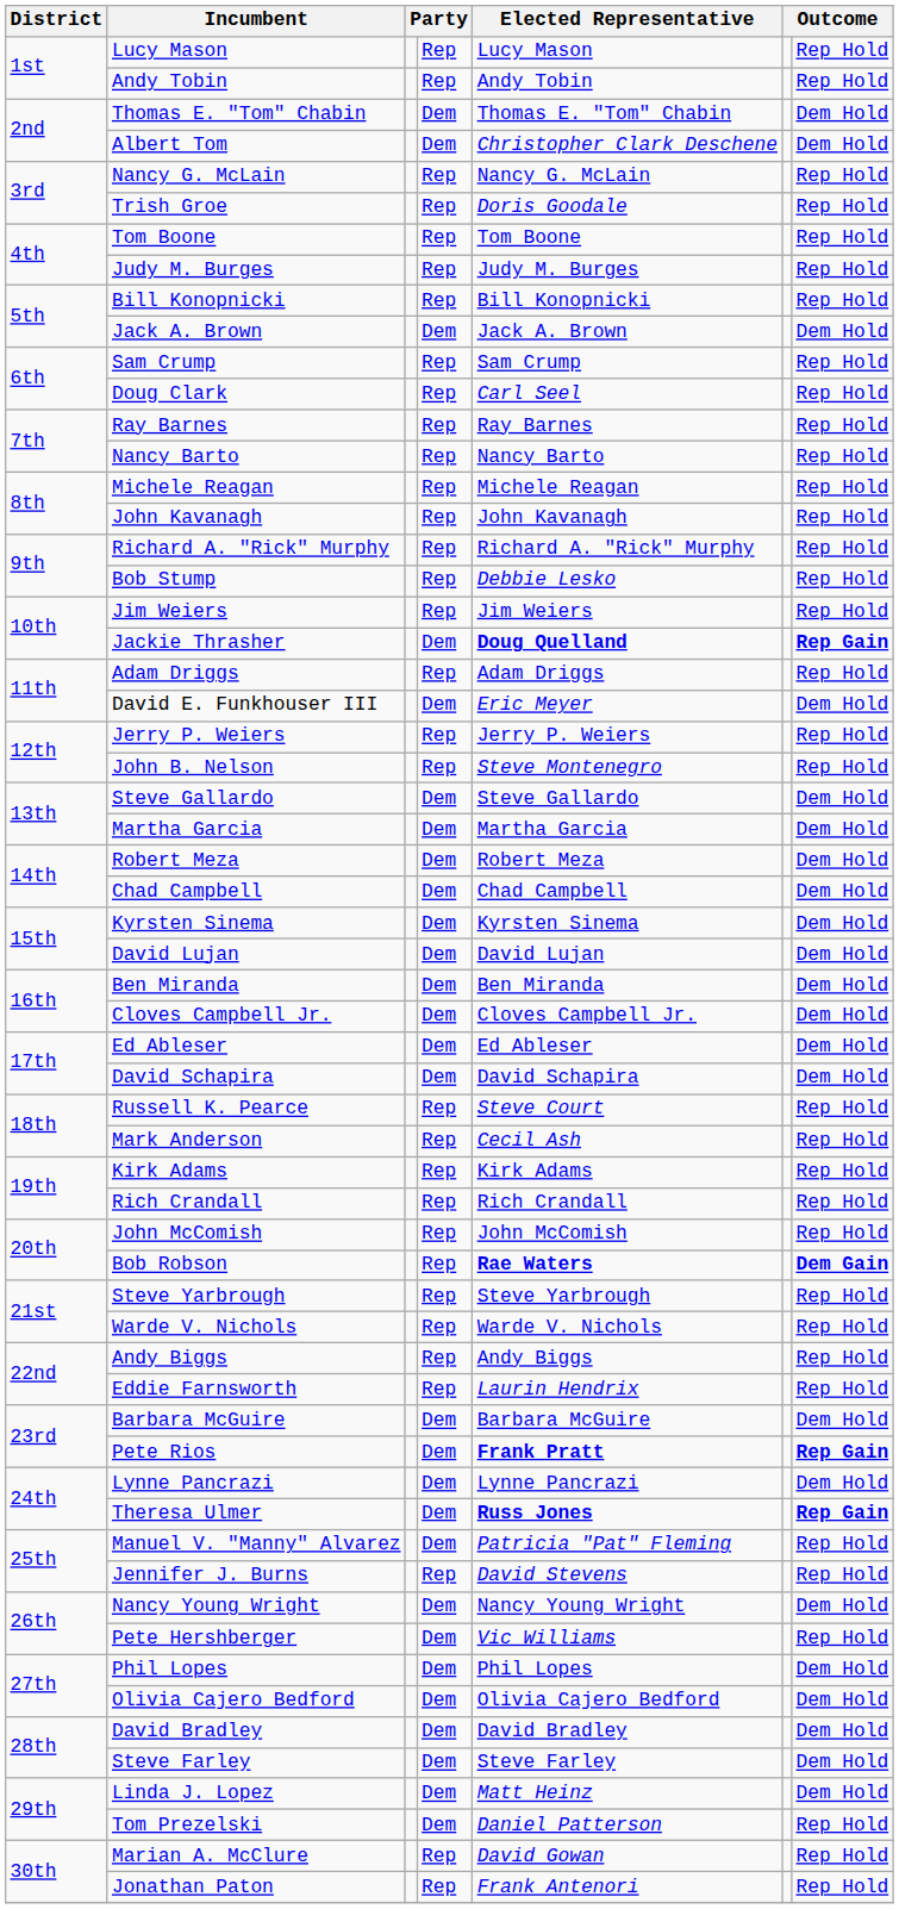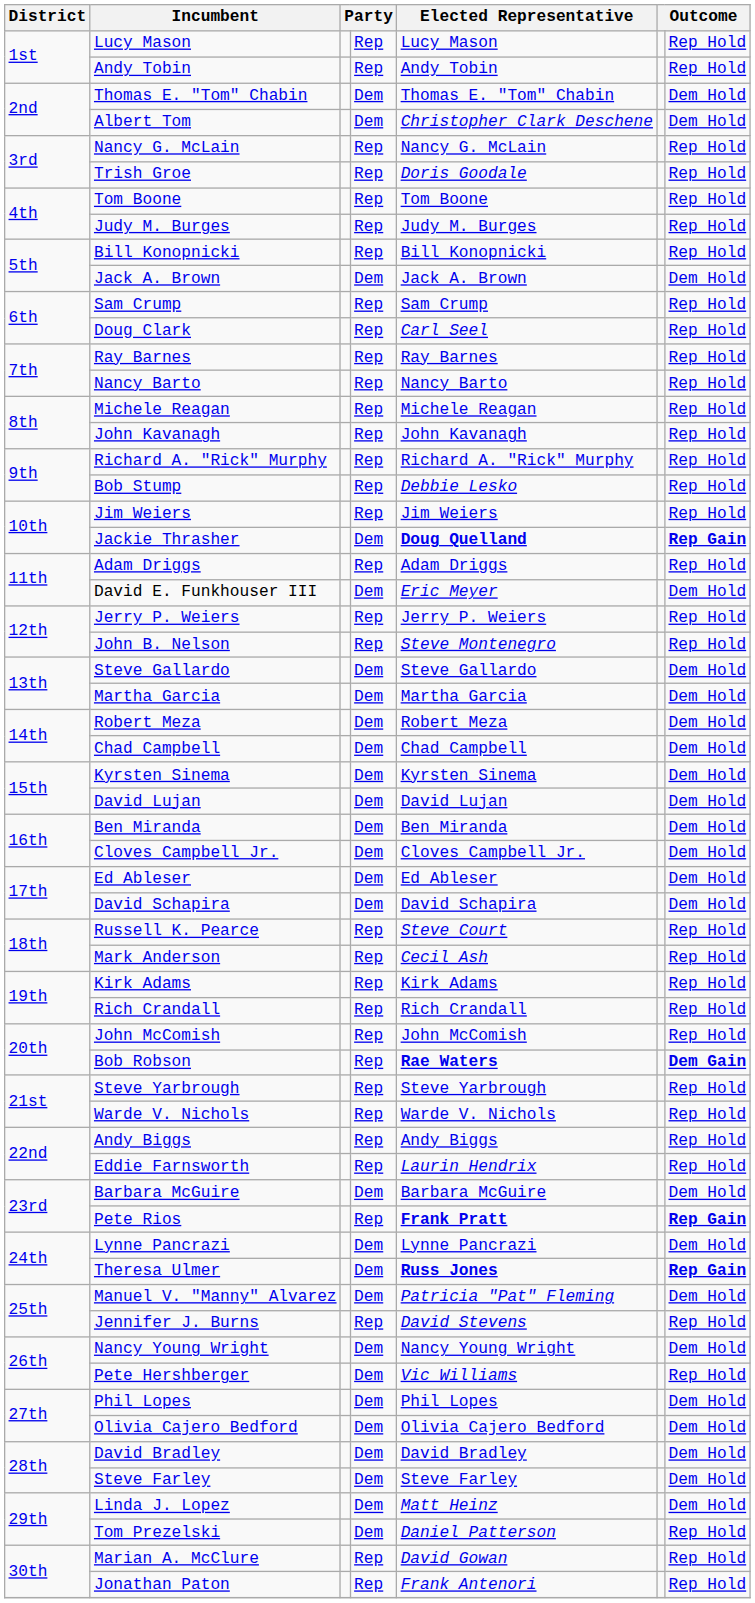 <table class="sortable wikitable" style="font-size:95%;line-height:14px;">
 <tr>
 <th>District</th>
 <th>Incumbent</th>
 <th colspan="2">Party</th>
 <th>Elected Representative</th>
 <th colspan="2">Outcome</th>
 </tr>
 <tr>
 <td rowspan="2"><a href='#'>1st</a></td>
 <td><a href='#'>Lucy Mason</a></td>
 <td style="background:"></td>
 <td><a href='#'>Rep</a></td>
 <td><a href='#'>Lucy Mason</a></td>
 <td style="background:"></td>
 <td><a href='#'>Rep Hold</a></td>
 </tr>
 <tr>
 <td><a href='#'>Andy Tobin</a></td>
 <td style="background:"></td>
 <td><a href='#'>Rep</a></td>
 <td><a href='#'>Andy Tobin</a></td>
 <td style="background:"></td>
 <td><a href='#'>Rep Hold</a></td>
 </tr>
 <tr>
 <td rowspan="2"><a href='#'>2nd</a></td>
 <td><a href='#'>Thomas E. "Tom" Chabin</a></td>
 <td style="background:"></td>
 <td><a href='#'>Dem</a></td>
 <td><a href='#'>Thomas E. "Tom" Chabin</a></td>
 <td style="background:"></td>
 <td><a href='#'>Dem Hold</a></td>
 </tr>
 <tr>
 <td><a href='#'>Albert Tom</a></td>
 <td style="background:"></td>
 <td><a href='#'>Dem</a></td>
 <td><em><a href='#'>Christopher Clark Deschene</a></em></td>
 <td style="background:"></td>
 <td><a href='#'>Dem Hold</a></td>
 </tr>
 <tr>
 <td rowspan="2"><a href='#'>3rd</a></td>
 <td><a href='#'>Nancy G. McLain</a></td>
 <td style="background:"></td>
 <td><a href='#'>Rep</a></td>
 <td><a href='#'>Nancy G. McLain</a></td>
 <td style="background:"></td>
 <td><a href='#'>Rep Hold</a></td>
 </tr>
 <tr>
 <td><a href='#'>Trish Groe</a></td>
 <td style="background:"></td>
 <td><a href='#'>Rep</a></td>
 <td><em><a href='#'>Doris Goodale</a></em></td>
 <td style="background:"></td>
 <td><a href='#'>Rep Hold</a></td>
 </tr>
 <tr>
 <td rowspan="2"><a href='#'>4th</a></td>
 <td><a href='#'>Tom Boone</a></td>
 <td style="background:"></td>
 <td><a href='#'>Rep</a></td>
 <td><a href='#'>Tom Boone</a></td>
 <td style="background:"></td>
 <td><a href='#'>Rep Hold</a></td>
 </tr>
 <tr>
 <td><a href='#'>Judy M. Burges</a></td>
 <td style="background:"></td>
 <td><a href='#'>Rep</a></td>
 <td><a href='#'>Judy M. Burges</a></td>
 <td style="background:"></td>
 <td><a href='#'>Rep Hold</a></td>
 </tr>
 <tr>
 <td rowspan="2"><a href='#'>5th</a></td>
 <td><a href='#'>Bill Konopnicki</a></td>
 <td style="background:"></td>
 <td><a href='#'>Rep</a></td>
 <td><a href='#'>Bill Konopnicki</a></td>
 <td style="background:"></td>
 <td><a href='#'>Rep Hold</a></td>
 </tr>
 <tr>
 <td><a href='#'>Jack A. Brown</a></td>
 <td style="background:"></td>
 <td><a href='#'>Dem</a></td>
 <td><a href='#'>Jack A. Brown</a></td>
 <td style="background:"></td>
 <td><a href='#'>Dem Hold</a></td>
 </tr>
 <tr>
 <td rowspan="2"><a href='#'>6th</a></td>
 <td><a href='#'>Sam Crump</a></td>
 <td style="background:"></td>
 <td><a href='#'>Rep</a></td>
 <td><a href='#'>Sam Crump</a></td>
 <td style="background:"></td>
 <td><a href='#'>Rep Hold</a></td>
 </tr>
 <tr>
 <td><a href='#'>Doug Clark</a></td>
 <td style="background:"></td>
 <td><a href='#'>Rep</a></td>
 <td><em><a href='#'>Carl Seel</a></em></td>
 <td style="background:"></td>
 <td><a href='#'>Rep Hold</a></td>
 </tr>
 <tr>
 <td rowspan="2"><a href='#'>7th</a></td>
 <td><a href='#'>Ray Barnes</a></td>
 <td style="background:"></td>
 <td><a href='#'>Rep</a></td>
 <td><a href='#'>Ray Barnes</a></td>
 <td style="background:"></td>
 <td><a href='#'>Rep Hold</a></td>
 </tr>
 <tr>
 <td><a href='#'>Nancy Barto</a></td>
 <td style="background:"></td>
 <td><a href='#'>Rep</a></td>
 <td><a href='#'>Nancy Barto</a></td>
 <td style="background:"></td>
 <td><a href='#'>Rep Hold</a></td>
 </tr>
 <tr>
 <td rowspan="2"><a href='#'>8th</a></td>
 <td><a href='#'>Michele Reagan</a></td>
 <td style="background:"></td>
 <td><a href='#'>Rep</a></td>
 <td><a href='#'>Michele Reagan</a></td>
 <td style="background:"></td>
 <td><a href='#'>Rep Hold</a></td>
 </tr>
 <tr>
 <td><a href='#'>John Kavanagh</a></td>
 <td style="background:"></td>
 <td><a href='#'>Rep</a></td>
 <td><a href='#'>John Kavanagh</a></td>
 <td style="background:"></td>
 <td><a href='#'>Rep Hold</a></td>
 </tr>
 <tr>
 <td rowspan="2"><a href='#'>9th</a></td>
 <td><a href='#'>Richard A. "Rick" Murphy</a></td>
 <td style="background:"></td>
 <td><a href='#'>Rep</a></td>
 <td><a href='#'>Richard A. "Rick" Murphy</a></td>
 <td style="background:"></td>
 <td><a href='#'>Rep Hold</a></td>
 </tr>
 <tr>
 <td><a href='#'>Bob Stump</a></td>
 <td style="background:"></td>
 <td><a href='#'>Rep</a></td>
 <td><em><a href='#'>Debbie Lesko</a></em></td>
 <td style="background:"></td>
 <td><a href='#'>Rep Hold</a></td>
 </tr>
 <tr>
 <td rowspan="2"><a href='#'>10th</a></td>
 <td><a href='#'>Jim Weiers</a></td>
 <td style="background:"></td>
 <td><a href='#'>Rep</a></td>
 <td><a href='#'>Jim Weiers</a></td>
 <td style="background:"></td>
 <td><a href='#'>Rep Hold</a></td>
 </tr>
 <tr>
 <td><a href='#'>Jackie Thrasher</a></td>
 <td style="background:"></td>
 <td><a href='#'>Dem</a></td>
 <td><strong><a href='#'>Doug Quelland</a></strong></td>
 <td style="background:"></td>
 <td><strong><a href='#'>Rep Gain</a></strong></td>
 </tr>
 <tr>
 <td rowspan="2"><a href='#'>11th</a></td>
 <td><a href='#'>Adam Driggs</a></td>
 <td style="background:"></td>
 <td><a href='#'>Rep</a></td>
 <td><a href='#'>Adam Driggs</a></td>
 <td style="background:"></td>
 <td><a href='#'>Rep Hold</a></td>
 </tr>
 <tr>
 <td>David E. Funkhouser III</td>
 <td style="background:"></td>
 <td><a href='#'>Dem</a></td>
 <td><em><a href='#'>Eric Meyer</a></em></td>
 <td style="background:"></td>
 <td><a href='#'>Dem Hold</a></td>
 </tr>
 <tr>
 <td rowspan="2"><a href='#'>12th</a></td>
 <td><a href='#'>Jerry P. Weiers</a></td>
 <td style="background:"></td>
 <td><a href='#'>Rep</a></td>
 <td><a href='#'>Jerry P. Weiers</a></td>
 <td style="background:"></td>
 <td><a href='#'>Rep Hold</a></td>
 </tr>
 <tr>
 <td><a href='#'>John B. Nelson</a></td>
 <td style="background:"></td>
 <td><a href='#'>Rep</a></td>
 <td><em><a href='#'>Steve Montenegro</a></em></td>
 <td style="background:"></td>
 <td><a href='#'>Rep Hold</a></td>
 </tr>
 <tr>
 <td rowspan="2"><a href='#'>13th</a></td>
 <td><a href='#'>Steve Gallardo</a></td>
 <td style="background:"></td>
 <td><a href='#'>Dem</a></td>
 <td><a href='#'>Steve Gallardo</a></td>
 <td style="background:"></td>
 <td><a href='#'>Dem Hold</a></td>
 </tr>
 <tr>
 <td><a href='#'>Martha Garcia</a></td>
 <td style="background:"></td>
 <td><a href='#'>Dem</a></td>
 <td><a href='#'>Martha Garcia</a></td>
 <td style="background:"></td>
 <td><a href='#'>Dem Hold</a></td>
 </tr>
 <tr>
 <td rowspan="2"><a href='#'>14th</a></td>
 <td><a href='#'>Robert Meza</a></td>
 <td style="background:"></td>
 <td><a href='#'>Dem</a></td>
 <td><a href='#'>Robert Meza</a></td>
 <td style="background:"></td>
 <td><a href='#'>Dem Hold</a></td>
 </tr>
 <tr>
 <td><a href='#'>Chad Campbell</a></td>
 <td style="background:"></td>
 <td><a href='#'>Dem</a></td>
 <td><a href='#'>Chad Campbell</a></td>
 <td style="background:"></td>
 <td><a href='#'>Dem Hold</a></td>
 </tr>
 <tr>
 <td rowspan="2"><a href='#'>15th</a></td>
 <td><a href='#'>Kyrsten Sinema</a></td>
 <td style="background:"></td>
 <td><a href='#'>Dem</a></td>
 <td><a href='#'>Kyrsten Sinema</a></td>
 <td style="background:"></td>
 <td><a href='#'>Dem Hold</a></td>
 </tr>
 <tr>
 <td><a href='#'>David Lujan</a></td>
 <td style="background:"></td>
 <td><a href='#'>Dem</a></td>
 <td><a href='#'>David Lujan</a></td>
 <td style="background:"></td>
 <td><a href='#'>Dem Hold</a></td>
 </tr>
 <tr>
 <td rowspan="2"><a href='#'>16th</a></td>
 <td><a href='#'>Ben Miranda</a></td>
 <td style="background:"></td>
 <td><a href='#'>Dem</a></td>
 <td><a href='#'>Ben Miranda</a></td>
 <td style="background:"></td>
 <td><a href='#'>Dem Hold</a></td>
 </tr>
 <tr>
 <td><a href='#'>Cloves Campbell Jr.</a></td>
 <td style="background:"></td>
 <td><a href='#'>Dem</a></td>
 <td><a href='#'>Cloves Campbell Jr.</a></td>
 <td style="background:"></td>
 <td><a href='#'>Dem Hold</a></td>
 </tr>
 <tr>
 <td rowspan="2"><a href='#'>17th</a></td>
 <td><a href='#'>Ed Ableser</a></td>
 <td style="background:"></td>
 <td><a href='#'>Dem</a></td>
 <td><a href='#'>Ed Ableser</a></td>
 <td style="background:"></td>
 <td><a href='#'>Dem Hold</a></td>
 </tr>
 <tr>
 <td><a href='#'>David Schapira</a></td>
 <td style="background:"></td>
 <td><a href='#'>Dem</a></td>
 <td><a href='#'>David Schapira</a></td>
 <td style="background:"></td>
 <td><a href='#'>Dem Hold</a></td>
 </tr>
 <tr>
 <td rowspan="2"><a href='#'>18th</a></td>
 <td><a href='#'>Russell K. Pearce</a></td>
 <td style="background:"></td>
 <td><a href='#'>Rep</a></td>
 <td><em><a href='#'>Steve Court</a></em></td>
 <td style="background:"></td>
 <td><a href='#'>Rep Hold</a></td>
 </tr>
 <tr>
 <td><a href='#'>Mark Anderson</a></td>
 <td style="background:"></td>
 <td><a href='#'>Rep</a></td>
 <td><em><a href='#'>Cecil Ash</a></em></td>
 <td style="background:"></td>
 <td><a href='#'>Rep Hold</a></td>
 </tr>
 <tr>
 <td rowspan="2"><a href='#'>19th</a></td>
 <td><a href='#'>Kirk Adams</a></td>
 <td style="background:"></td>
 <td><a href='#'>Rep</a></td>
 <td><a href='#'>Kirk Adams</a></td>
 <td style="background:"></td>
 <td><a href='#'>Rep Hold</a></td>
 </tr>
 <tr>
 <td><a href='#'>Rich Crandall</a></td>
 <td style="background:"></td>
 <td><a href='#'>Rep</a></td>
 <td><a href='#'>Rich Crandall</a></td>
 <td style="background:"></td>
 <td><a href='#'>Rep Hold</a></td>
 </tr>
 <tr>
 <td rowspan="2"><a href='#'>20th</a></td>
 <td><a href='#'>John McComish</a></td>
 <td style="background:"></td>
 <td><a href='#'>Rep</a></td>
 <td><a href='#'>John McComish</a></td>
 <td style="background:"></td>
 <td><a href='#'>Rep Hold</a></td>
 </tr>
 <tr>
 <td><a href='#'>Bob Robson</a></td>
 <td style="background:"></td>
 <td><a href='#'>Rep</a></td>
 <td><strong><a href='#'>Rae Waters</a></strong></td>
 <td style="background:"></td>
 <td><strong><a href='#'>Dem Gain</a></strong></td>
 </tr>
 <tr>
 <td rowspan="2"><a href='#'>21st</a></td>
 <td><a href='#'>Steve Yarbrough</a></td>
 <td style="background:"></td>
 <td><a href='#'>Rep</a></td>
 <td><a href='#'>Steve Yarbrough</a></td>
 <td style="background:"></td>
 <td><a href='#'>Rep Hold</a></td>
 </tr>
 <tr>
 <td><a href='#'>Warde V. Nichols</a></td>
 <td style="background:"></td>
 <td><a href='#'>Rep</a></td>
 <td><a href='#'>Warde V. Nichols</a></td>
 <td style="background:"></td>
 <td><a href='#'>Rep Hold</a></td>
 </tr>
 <tr>
 <td rowspan="2"><a href='#'>22nd</a></td>
 <td><a href='#'>Andy Biggs</a></td>
 <td style="background:"></td>
 <td><a href='#'>Rep</a></td>
 <td><a href='#'>Andy Biggs</a></td>
 <td style="background:"></td>
 <td><a href='#'>Rep Hold</a></td>
 </tr>
 <tr>
 <td><a href='#'>Eddie Farnsworth</a></td>
 <td style="background:"></td>
 <td><a href='#'>Rep</a></td>
 <td><em><a href='#'>Laurin Hendrix</a></em></td>
 <td style="background:"></td>
 <td><a href='#'>Rep Hold</a></td>
 </tr>
 <tr>
 <td rowspan="2"><a href='#'>23rd</a></td>
 <td><a href='#'>Barbara McGuire</a></td>
 <td style="background:"></td>
 <td><a href='#'>Dem</a></td>
 <td><a href='#'>Barbara McGuire</a></td>
 <td style="background:"></td>
 <td><a href='#'>Dem Hold</a></td>
 </tr>
 <tr>
 <td><a href='#'>Pete Rios</a></td>
 <td style="background:"></td>
-<td><a href='#'>Dem</a></td>
+<td><a href='#'>Rep</a></td>
 <td><strong><a href='#'>Frank Pratt</a></strong></td>
 <td style="background:"></td>
 <td><strong><a href='#'>Rep Gain</a></strong></td>
 </tr>
 <tr>
 <td rowspan="2"><a href='#'>24th</a></td>
 <td><a href='#'>Lynne Pancrazi</a></td>
 <td style="background:"></td>
 <td><a href='#'>Dem</a></td>
 <td><a href='#'>Lynne Pancrazi</a></td>
 <td style="background:"></td>
 <td><a href='#'>Dem Hold</a></td>
 </tr>
 <tr>
 <td><a href='#'>Theresa Ulmer</a></td>
 <td style="background:"></td>
 <td><a href='#'>Dem</a></td>
 <td><strong><a href='#'>Russ Jones</a></strong></td>
 <td style="background:"></td>
 <td><strong><a href='#'>Rep Gain</a></strong></td>
 </tr>
 <tr>
 <td rowspan="2"><a href='#'>25th</a></td>
 <td><a href='#'>Manuel V. "Manny" Alvarez</a></td>
 <td style="background:"></td>
 <td><a href='#'>Dem</a></td>
 <td><em><a href='#'>Patricia "Pat" Fleming</a></em></td>
 <td style="background:"></td>
-<td><a href='#'>Rep Hold</a></td>
+<td><a href='#'>Dem Hold</a></td>
 </tr>
 <tr>
 <td><a href='#'>Jennifer J. Burns</a></td>
 <td style="background:"></td>
 <td><a href='#'>Rep</a></td>
 <td><em><a href='#'>David Stevens</a></em></td>
 <td style="background:"></td>
 <td><a href='#'>Rep Hold</a></td>
 </tr>
 <tr>
 <td rowspan="2"><a href='#'>26th</a></td>
 <td><a href='#'>Nancy Young Wright</a></td>
 <td style="background:"></td>
 <td><a href='#'>Dem</a></td>
 <td><a href='#'>Nancy Young Wright</a></td>
 <td style="background:"></td>
 <td><a href='#'>Dem Hold</a></td>
 </tr>
 <tr>
 <td><a href='#'>Pete Hershberger</a></td>
 <td style="background:"></td>
 <td><a href='#'>Dem</a></td>
 <td><em><a href='#'>Vic Williams</a></em></td>
 <td style="background:"></td>
 <td><a href='#'>Rep Hold</a></td>
 </tr>
 <tr>
 <td rowspan="2"><a href='#'>27th</a></td>
 <td><a href='#'>Phil Lopes</a></td>
 <td style="background:"></td>
 <td><a href='#'>Dem</a></td>
 <td><a href='#'>Phil Lopes</a></td>
 <td style="background:"></td>
 <td><a href='#'>Dem Hold</a></td>
 </tr>
 <tr>
 <td><a href='#'>Olivia Cajero Bedford</a></td>
 <td style="background:"></td>
 <td><a href='#'>Dem</a></td>
 <td><a href='#'>Olivia Cajero Bedford</a></td>
 <td style="background:"></td>
 <td><a href='#'>Dem Hold</a></td>
 </tr>
 <tr>
 <td rowspan="2"><a href='#'>28th</a></td>
 <td><a href='#'>David Bradley</a></td>
 <td style="background:"></td>
 <td><a href='#'>Dem</a></td>
 <td><a href='#'>David Bradley</a></td>
 <td style="background:"></td>
 <td><a href='#'>Dem Hold</a></td>
 </tr>
 <tr>
 <td><a href='#'>Steve Farley</a></td>
 <td style="background:"></td>
 <td><a href='#'>Dem</a></td>
 <td><a href='#'>Steve Farley</a></td>
 <td style="background:"></td>
 <td><a href='#'>Dem Hold</a></td>
 </tr>
 <tr>
 <td rowspan="2"><a href='#'>29th</a></td>
 <td><a href='#'>Linda J. Lopez</a></td>
 <td style="background:"></td>
 <td><a href='#'>Dem</a></td>
 <td><em><a href='#'>Matt Heinz</a></em></td>
 <td style="background:"></td>
 <td><a href='#'>Dem Hold</a></td>
 </tr>
 <tr>
 <td><a href='#'>Tom Prezelski</a></td>
 <td style="background:"></td>
 <td><a href='#'>Dem</a></td>
 <td><em><a href='#'>Daniel Patterson</a></em></td>
 <td style="background:"></td>
 <td><a href='#'>Rep Hold</a></td>
 </tr>
 <tr>
 <td rowspan="2"><a href='#'>30th</a></td>
 <td><a href='#'>Marian A. McClure</a></td>
 <td style="background:"></td>
 <td><a href='#'>Rep</a></td>
 <td><em><a href='#'>David Gowan</a></em></td>
 <td style="background:"></td>
 <td><a href='#'>Rep Hold</a></td>
 </tr>
 <tr>
 <td><a href='#'>Jonathan Paton</a></td>
 <td style="background:"></td>
 <td><a href='#'>Rep</a></td>
 <td><em><a href='#'>Frank Antenori</a></em></td>
 <td style="background:"></td>
 <td><a href='#'>Rep Hold</a></td>
 </tr>
 <tr>
 </tr>
 </table>
